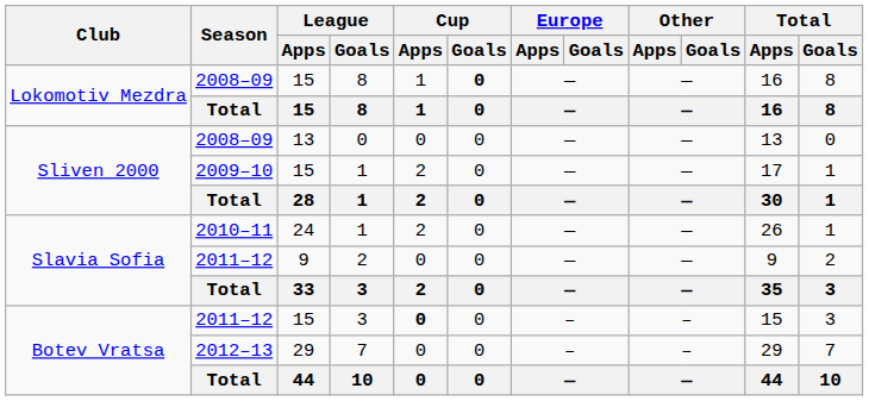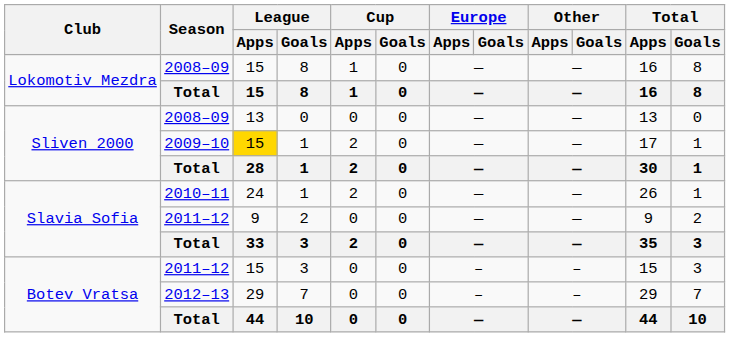 <table class="wikitable" style="text-align: center;">
 <tr>
 <th rowspan="2">Club</th>
 <th rowspan="2">Season</th>
 <th colspan="2">League</th>
 <th colspan="2">Cup</th>
 <th colspan="2"><a href='#'>Europe</a></th>
 <th colspan="2">Other</th>
 <th colspan="2">Total</th>
 </tr>
 <tr>
 <th>Apps</th>
 <th>Goals</th>
 <th>Apps</th>
 <th>Goals</th>
 <th>Apps</th>
 <th>Goals</th>
 <th>Apps</th>
 <th>Goals</th>
 <th>Apps</th>
 <th>Goals</th>
 </tr>
 <tr>
 <td rowspan="2"><a href='#'>Lokomotiv Mezdra</a></td>
 <td><a href='#'>2008–09</a></td>
 <td>15</td>
 <td>8</td>
 <td>1</td>
-<td><strong>0</strong></td>
+<td>0</td>
 <td colspan="2">—</td>
 <td colspan="2">—</td>
 <td>16</td>
 <td>8</td>
 </tr>
 <tr>
 <th>Total</th>
 <th>15</th>
 <th>8</th>
 <th>1</th>
 <th>0</th>
 <th colspan="2">—</th>
 <th colspan="2">—</th>
 <th>16</th>
 <th>8</th>
 </tr>
 <tr>
 <td rowspan="3"><a href='#'>Sliven 2000</a></td>
 <td><a href='#'>2008–09</a></td>
 <td>13</td>
 <td>0</td>
 <td>0</td>
 <td>0</td>
 <td colspan="2">—</td>
 <td colspan="2">—</td>
 <td>13</td>
 <td>0</td>
 </tr>
 <tr>
 <td><a href='#'>2009–10</a></td>
-<td>15</td>
+<td style="background: gold;">15</td>
 <td>1</td>
 <td>2</td>
 <td>0</td>
 <td colspan="2">—</td>
 <td colspan="2">—</td>
 <td>17</td>
 <td>1</td>
 </tr>
 <tr>
 <th>Total</th>
 <th>28</th>
 <th>1</th>
 <th>2</th>
 <th>0</th>
 <th colspan="2">—</th>
 <th colspan="2">—</th>
 <th>30</th>
 <th>1</th>
 </tr>
 <tr>
 <td rowspan="3"><a href='#'>Slavia Sofia</a></td>
 <td><a href='#'>2010–11</a></td>
 <td>24</td>
 <td>1</td>
 <td>2</td>
 <td>0</td>
 <td colspan="2">—</td>
 <td colspan="2">—</td>
 <td>26</td>
 <td>1</td>
 </tr>
 <tr>
 <td><a href='#'>2011–12</a></td>
 <td>9</td>
 <td>2</td>
 <td>0</td>
 <td>0</td>
 <td colspan="2">—</td>
 <td colspan="2">—</td>
 <td>9</td>
 <td>2</td>
 </tr>
 <tr>
 <th>Total</th>
 <th>33</th>
 <th>3</th>
 <th>2</th>
 <th>0</th>
 <th colspan="2">—</th>
 <th colspan="2">—</th>
 <th>35</th>
 <th>3</th>
 </tr>
 <tr>
 <td rowspan="3"><a href='#'>Botev Vratsa</a></td>
 <td><a href='#'>2011–12</a></td>
 <td>15</td>
 <td>3</td>
-<td><strong>0</strong></td>
+<td>0</td>
 <td>0</td>
 <td colspan="2">–</td>
 <td colspan="2">–</td>
 <td>15</td>
 <td>3</td>
 </tr>
 <tr>
 <td><a href='#'>2012–13</a></td>
 <td>29</td>
 <td>7</td>
 <td>0</td>
 <td>0</td>
 <td colspan="2">–</td>
 <td colspan="2">–</td>
 <td>29</td>
 <td>7</td>
 </tr>
 <tr>
 <th>Total</th>
 <th>44</th>
 <th>10</th>
 <th>0</th>
 <th>0</th>
 <th colspan="2">—</th>
 <th colspan="2">—</th>
 <th>44</th>
 <th>10</th>
 </tr>
 </table>
